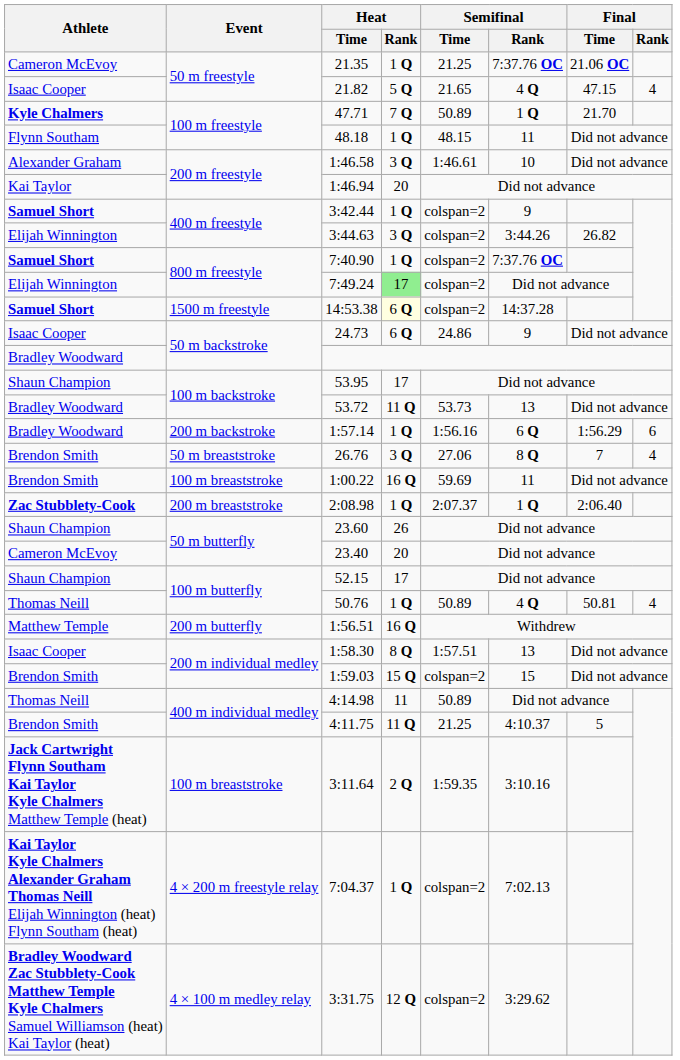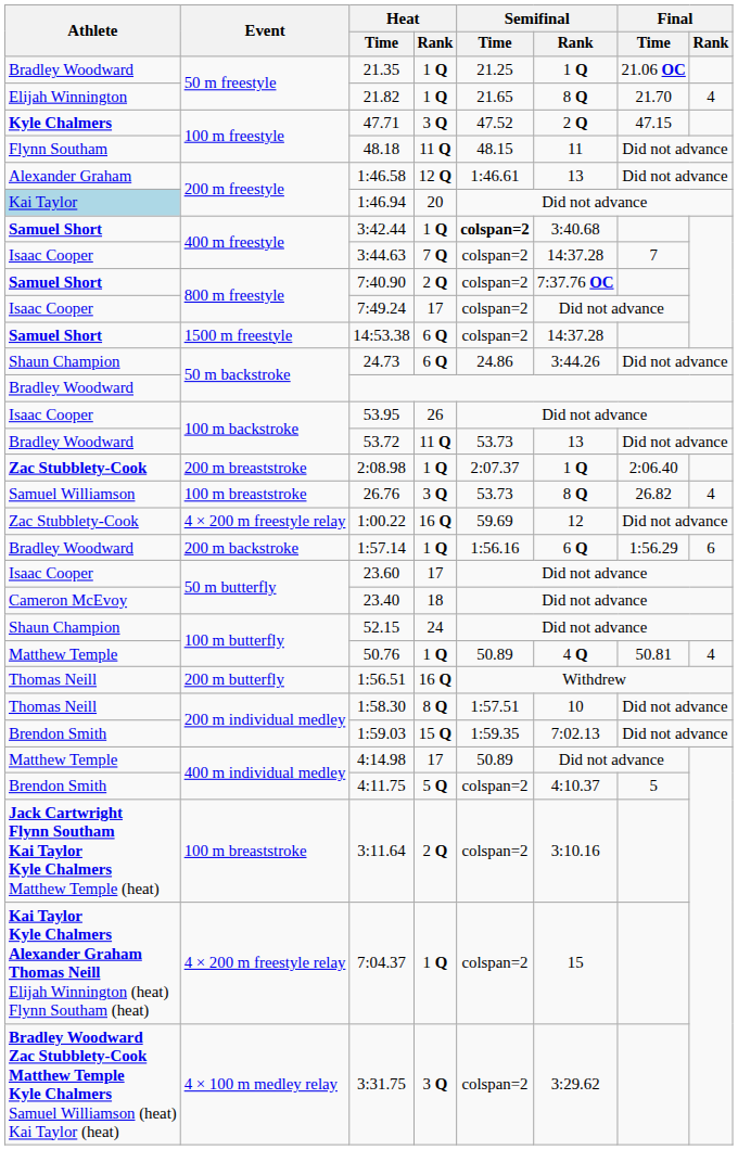 <table class="wikitable" style="text-align:center; font-size:90%">
 <tr>
 <th rowspan="2">Athlete</th>
 <th rowspan="2">Event</th>
 <th colspan="2">Heat</th>
 <th colspan="2">Semifinal</th>
 <th colspan="2">Final</th>
 </tr>
 <tr style="font-size:95%">
 <th>Time</th>
 <th>Rank</th>
 <th>Time</th>
 <th>Rank</th>
 <th>Time</th>
 <th>Rank</th>
 </tr>
 <tr>
-<td align=left><a href='#'>Cameron McEvoy</a></td>
+<td align=left><a href='#'>Bradley Woodward</a></td>
 <td align=left rowspan=2><a href='#'>50 m freestyle</a></td>
 <td>21.35</td>
 <td>1 <strong>Q</strong></td>
 <td>21.25</td>
-<td>7:37.76 <a href='#'><strong>OC</strong></a></td>
+<td>1 <strong>Q</strong></td>
 <td>21.06 <a href='#'><strong>OC</strong></a></td>
 <td></td>
 </tr>
 <tr>
-<td align=left><a href='#'>Isaac Cooper</a></td>
+<td align=left><a href='#'>Elijah Winnington</a></td>
 <td>21.82</td>
-<td>5 <strong>Q</strong></td>
+<td>1 <strong>Q</strong></td>
 <td>21.65</td>
-<td>4 <strong>Q</strong></td>
-<td>47.15</td>
+<td>8 <strong>Q</strong></td>
+<td>21.70</td>
 <td>4</td>
 </tr>
 <tr>
 <td align=left><strong><a href='#'>Kyle Chalmers</a></strong></td>
 <td align=left rowspan=2><a href='#'>100 m freestyle</a></td>
 <td>47.71</td>
-<td>7 <strong>Q</strong></td>
-<td>50.89</td>
-<td>1 <strong>Q</strong></td>
-<td>21.70</td>
+<td>3 <strong>Q</strong></td>
+<td>47.52</td>
+<td>2 <strong>Q</strong></td>
+<td>47.15</td>
 <td></td>
 </tr>
 <tr>
 <td align=left><a href='#'>Flynn Southam</a></td>
 <td>48.18</td>
-<td>1 <strong>Q</strong></td>
+<td>11 <strong>Q</strong></td>
 <td>48.15</td>
 <td>11</td>
 <td colspan=2>Did not advance</td>
 </tr>
 <tr>
 <td align=left><a href='#'>Alexander Graham</a></td>
 <td align=left rowspan=2><a href='#'>200 m freestyle</a></td>
 <td>1:46.58</td>
-<td>3 <strong>Q</strong></td>
+<td>12 <strong>Q</strong></td>
 <td>1:46.61</td>
-<td>10</td>
+<td>13</td>
 <td colspan=2>Did not advance</td>
 </tr>
 <tr>
-<td align=left><a href='#'>Kai Taylor</a></td>
+<td align=left style="background: lightblue;"><a href='#'>Kai Taylor</a></td>
 <td>1:46.94</td>
 <td>20</td>
 <td colspan=4>Did not advance</td>
 </tr>
 <tr>
 <td align=left><strong><a href='#'>Samuel Short</a></strong></td>
 <td align=left rowspan=2><a href='#'>400 m freestyle</a></td>
 <td>3:42.44</td>
 <td>1 <strong>Q</strong></td>
-<td>colspan=2 </td>
-<td>9</td>
+<td><strong>colspan=2 </strong></td>
+<td>3:40.68</td>
 <td></td>
 </tr>
 <tr>
-<td align=left><a href='#'>Elijah Winnington</a></td>
+<td align=left><a href='#'>Isaac Cooper</a></td>
 <td>3:44.63</td>
-<td>3 <strong>Q</strong></td>
+<td>7 <strong>Q</strong></td>
 <td>colspan=2 </td>
-<td>3:44.26</td>
-<td>26.82</td>
+<td>14:37.28</td>
+<td>7</td>
 </tr>
 <tr>
 <td align=left><strong><a href='#'>Samuel Short</a></strong></td>
 <td align=left rowspan=2><a href='#'>800 m freestyle</a></td>
 <td>7:40.90</td>
-<td>1 <strong>Q</strong></td>
+<td>2 <strong>Q</strong></td>
 <td>colspan=2 </td>
 <td>7:37.76 <a href='#'><strong>OC</strong></a></td>
 <td></td>
 </tr>
 <tr>
-<td align=left><a href='#'>Elijah Winnington</a></td>
+<td align=left><a href='#'>Isaac Cooper</a></td>
 <td>7:49.24</td>
-<td style="background: lightgreen;">17</td>
+<td>17</td>
 <td>colspan=2 </td>
 <td colspan=2>Did not advance</td>
 </tr>
 <tr>
 <td align=left><strong><a href='#'>Samuel Short</a></strong></td>
 <td align=left><a href='#'>1500 m freestyle</a></td>
 <td>14:53.38</td>
-<td style="background: lightyellow;">6 <strong>Q</strong></td>
+<td>6 <strong>Q</strong></td>
 <td>colspan=2 </td>
 <td>14:37.28</td>
 <td></td>
 </tr>
 <tr>
-<td align=left><a href='#'>Isaac Cooper</a></td>
+<td align=left><a href='#'>Shaun Champion</a></td>
 <td align=left rowspan=2><a href='#'>50 m backstroke</a></td>
 <td>24.73</td>
 <td>6 <strong>Q</strong></td>
 <td>24.86</td>
-<td>9</td>
+<td>3:44.26</td>
 <td colspan=2>Did not advance</td>
 </tr>
 <tr>
 <td align=left><a href='#'>Bradley Woodward</a></td>
 <td colspan=6></td>
 </tr>
 <tr>
-<td align=left><a href='#'>Shaun Champion</a></td>
+<td align=left><a href='#'>Isaac Cooper</a></td>
 <td align=left rowspan=2><a href='#'>100 m backstroke</a></td>
 <td>53.95</td>
-<td>17</td>
+<td>26</td>
 <td colspan=4>Did not advance</td>
 </tr>
 <tr>
 <td align=left><a href='#'>Bradley Woodward</a></td>
 <td>53.72</td>
 <td>11 <strong>Q</strong></td>
 <td>53.73</td>
 <td>13</td>
+<td colspan=2>Did not advance</td>
+</tr>
+<tr>
+<td align=left><strong><a href='#'>Zac Stubblety-Cook</a></strong></td>
+<td align=left><a href='#'>200 m breaststroke</a></td>
+<td>2:08.98</td>
+<td>1 <strong>Q</strong></td>
+<td>2:07.37</td>
+<td>1 <strong>Q</strong></td>
+<td>2:06.40</td>
+<td></td>
+</tr>
+<tr>
+<td align=left><a href='#'>Samuel Williamson</a></td>
+<td align=left><a href='#'>100 m breaststroke</a></td>
+<td>26.76</td>
+<td>3 <strong>Q</strong></td>
+<td>53.73</td>
+<td>8 <strong>Q</strong></td>
+<td>26.82</td>
+<td>4</td>
+</tr>
+<tr>
+<td align=left><a href='#'>Zac Stubblety-Cook</a></td>
+<td align=left><a href='#'>4 × 200 m freestyle relay</a></td>
+<td>1:00.22</td>
+<td>16 <strong>Q</strong></td>
+<td>59.69</td>
+<td>12</td>
 <td colspan=2>Did not advance</td>
 </tr>
 <tr>
 <td align=left><a href='#'>Bradley Woodward</a></td>
 <td align=left><a href='#'>200 m backstroke</a></td>
 <td>1:57.14</td>
 <td>1 <strong>Q</strong></td>
 <td>1:56.16</td>
 <td>6 <strong>Q</strong></td>
 <td>1:56.29</td>
 <td>6</td>
 </tr>
 <tr>
-<td align=left><a href='#'>Brendon Smith</a></td>
-<td align=left><a href='#'>50 m breaststroke</a></td>
-<td>26.76</td>
-<td>3 <strong>Q</strong></td>
-<td>27.06</td>
-<td>8 <strong>Q</strong></td>
-<td>7</td>
-<td>4</td>
-</tr>
-<tr>
-<td align=left><a href='#'>Brendon Smith</a></td>
-<td align=left><a href='#'>100 m breaststroke</a></td>
-<td>1:00.22</td>
-<td>16 <strong>Q</strong></td>
-<td>59.69</td>
-<td>11</td>
-<td colspan=2>Did not advance</td>
-</tr>
-<tr>
-<td align=left><strong><a href='#'>Zac Stubblety-Cook</a></strong></td>
-<td align=left><a href='#'>200 m breaststroke</a></td>
-<td>2:08.98</td>
-<td>1 <strong>Q</strong></td>
-<td>2:07.37</td>
-<td>1 <strong>Q</strong></td>
-<td>2:06.40</td>
-<td></td>
-</tr>
-<tr>
-<td align=left><a href='#'>Shaun Champion</a></td>
+<td align=left><a href='#'>Isaac Cooper</a></td>
 <td align=left rowspan=2><a href='#'>50 m butterfly</a></td>
 <td>23.60</td>
-<td>26</td>
+<td>17</td>
 <td colspan=4>Did not advance</td>
 </tr>
 <tr>
 <td align=left><a href='#'>Cameron McEvoy</a></td>
 <td>23.40</td>
-<td>20</td>
+<td>18</td>
 <td colspan=4>Did not advance</td>
 </tr>
 <tr>
 <td align=left><a href='#'>Shaun Champion</a></td>
 <td align=left rowspan=2><a href='#'>100 m butterfly</a></td>
 <td>52.15</td>
-<td>17</td>
+<td>24</td>
 <td colspan=4>Did not advance</td>
 </tr>
 <tr>
-<td align=left><a href='#'>Thomas Neill</a></td>
+<td align=left><a href='#'>Matthew Temple</a></td>
 <td>50.76</td>
 <td>1 <strong>Q</strong></td>
 <td>50.89</td>
 <td>4 <strong>Q</strong></td>
 <td>50.81</td>
 <td>4</td>
 </tr>
 <tr>
-<td align=left><a href='#'>Matthew Temple</a></td>
+<td align=left><a href='#'>Thomas Neill</a></td>
 <td align=left><a href='#'>200 m butterfly</a></td>
 <td>1:56.51</td>
 <td>16 <strong>Q</strong></td>
 <td colspan=4>Withdrew</td>
 </tr>
 <tr>
-<td align=left><a href='#'>Isaac Cooper</a></td>
+<td align=left><a href='#'>Thomas Neill</a></td>
 <td align=left rowspan=2><a href='#'>200 m individual medley</a></td>
 <td>1:58.30</td>
 <td>8 <strong>Q</strong></td>
 <td>1:57.51</td>
-<td>13</td>
+<td>10</td>
 <td colspan=2>Did not advance</td>
 </tr>
 <tr>
 <td align=left><a href='#'>Brendon Smith</a></td>
 <td>1:59.03</td>
 <td>15 <strong>Q</strong></td>
-<td>colspan=2 </td>
-<td>15</td>
+<td>1:59.35</td>
+<td>7:02.13</td>
 <td colspan=2>Did not advance</td>
 </tr>
 <tr>
-<td align=left><a href='#'>Thomas Neill</a></td>
+<td align=left><a href='#'>Matthew Temple</a></td>
 <td align=left rowspan=2><a href='#'>400 m individual medley</a></td>
 <td>4:14.98</td>
-<td>11</td>
+<td>17</td>
 <td>50.89</td>
 <td colspan=2>Did not advance</td>
 </tr>
 <tr>
 <td align=left><a href='#'>Brendon Smith</a></td>
 <td>4:11.75</td>
-<td>11 <strong>Q</strong></td>
-<td>21.25</td>
+<td>5 <strong>Q</strong></td>
+<td>colspan=2 </td>
 <td>4:10.37</td>
 <td>5</td>
 </tr>
 <tr>
 <td align=left><strong><a href='#'>Jack Cartwright</a></strong> <br> <strong><a href='#'>Flynn Southam</a></strong> <br> <strong><a href='#'>Kai Taylor</a></strong> <br> <strong><a href='#'>Kyle Chalmers</a></strong><br> <a href='#'>Matthew Temple</a> (heat)</td>
 <td align=left><a href='#'>100 m breaststroke</a></td>
 <td>3:11.64</td>
 <td>2 <strong>Q</strong></td>
-<td>1:59.35</td>
+<td>colspan=2 </td>
 <td>3:10.16</td>
 <td></td>
 </tr>
 <tr>
 <td align=left><strong><a href='#'>Kai Taylor</a></strong> <br> <strong><a href='#'>Kyle Chalmers</a></strong> <br> <strong><a href='#'>Alexander Graham</a></strong> <br> <strong><a href='#'>Thomas Neill</a></strong> <br> <a href='#'>Elijah Winnington</a> (heat) <br> <a href='#'>Flynn Southam</a> (heat)</td>
 <td align=left><a href='#'>4 × 200 m freestyle relay</a></td>
 <td>7:04.37</td>
 <td>1 <strong>Q</strong></td>
 <td>colspan=2 </td>
-<td>7:02.13</td>
+<td>15</td>
 <td></td>
 </tr>
 <tr>
 <td align=left><strong><a href='#'>Bradley Woodward</a></strong> <br> <strong><a href='#'>Zac Stubblety-Cook</a></strong> <br> <strong><a href='#'>Matthew Temple</a></strong> <br> <strong><a href='#'>Kyle Chalmers</a></strong> <br> <a href='#'>Samuel Williamson</a> (heat) <br> <a href='#'>Kai Taylor</a> (heat)</td>
 <td align=left><a href='#'>4 × 100 m medley relay</a></td>
 <td>3:31.75</td>
-<td>12 <strong>Q</strong></td>
+<td>3 <strong>Q</strong></td>
 <td>colspan=2 </td>
 <td>3:29.62</td>
 <td></td>
 </tr>
 </table>
